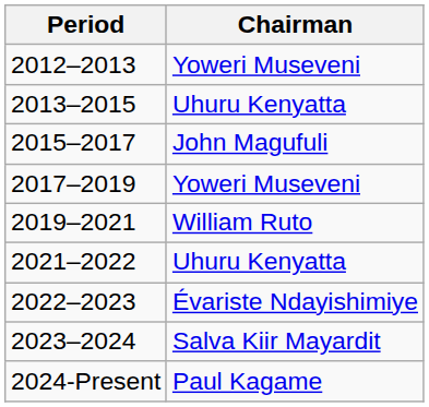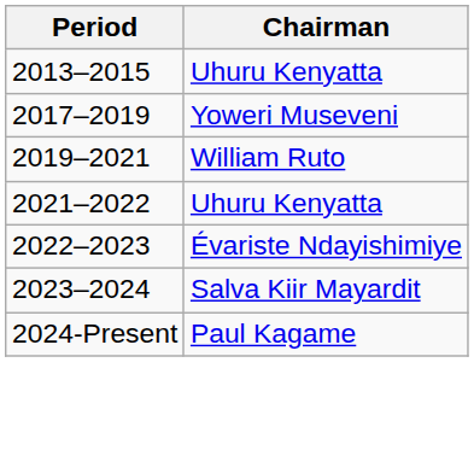 <table class="wikitable floatright">
 <tr>
 <th>Period</th>
 <th>Chairman</th>
 </tr>
 <tr>
-<td>2012–2013</td>
-<td> <a href='#'>Yoweri Museveni</a></td>
-</tr>
-<tr>
 <td>2013–2015</td>
 <td> <a href='#'>Uhuru Kenyatta</a></td>
-</tr>
-<tr>
-<td>2015–2017</td>
-<td> <a href='#'>John Magufuli</a></td>
 </tr>
 <tr>
 <td>2017–2019</td>
 <td> <a href='#'>Yoweri Museveni</a></td>
 </tr>
 <tr>
 <td>2019–2021</td>
 <td> <a href='#'>William Ruto</a></td>
 </tr>
 <tr>
 <td>2021–2022</td>
 <td> <a href='#'>Uhuru Kenyatta</a></td>
 </tr>
 <tr>
 <td>2022–2023</td>
 <td> <a href='#'>Évariste Ndayishimiye</a></td>
 </tr>
 <tr>
 <td>2023–2024</td>
 <td> <a href='#'>Salva Kiir Mayardit</a></td>
 </tr>
 <tr>
 <td>2024-Present</td>
 <td> <a href='#'>Paul Kagame</a></td>
 </tr>
 </table>
